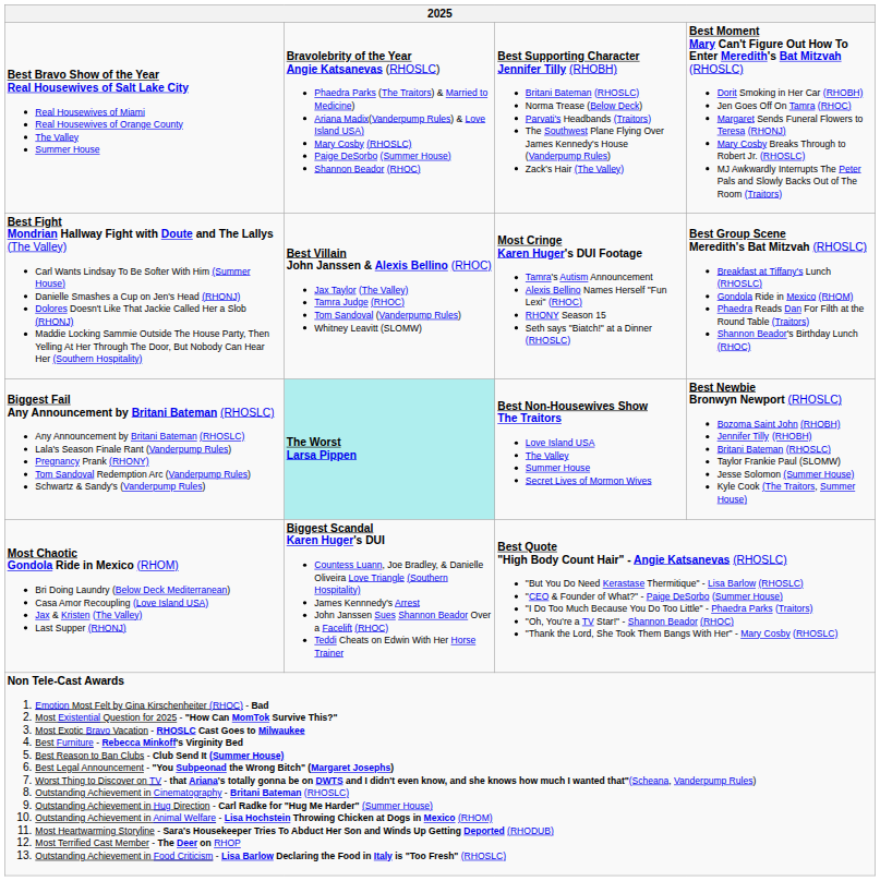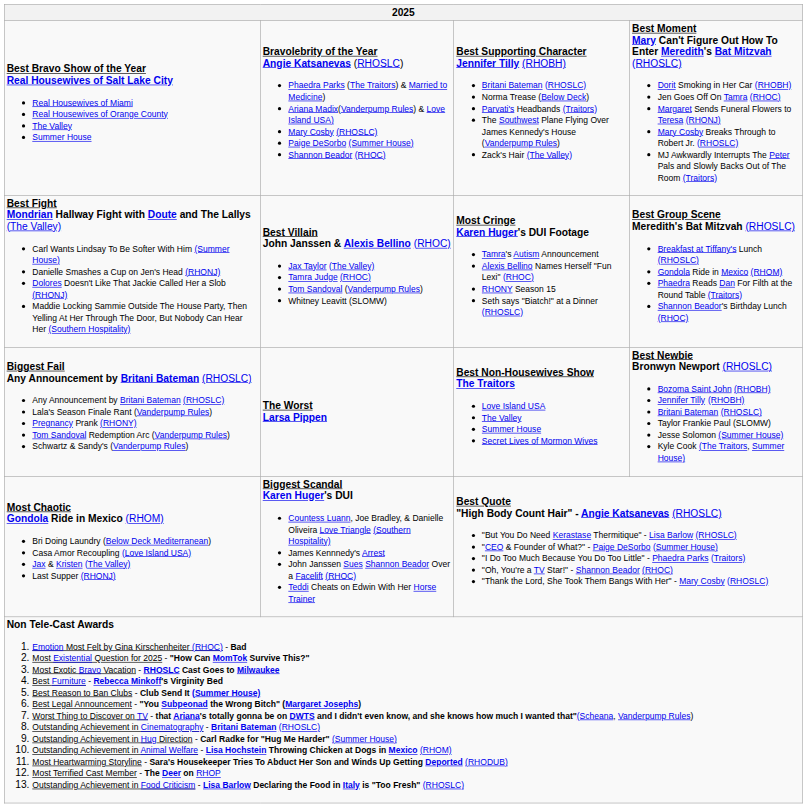 <table class="wikitable sortable mw-collapsible">
 <tr>
 <th colspan="4">2025</th>
 </tr>
 <tr>
 <td><strong><u>Best Bravo Show of the Year</u></strong><br><strong><a href='#'>Real Housewives of Salt Lake City</a></strong><ul><li><small><a href='#'>Real Housewives of Miami</a></small></li><li><a href='#'><small>Real Housewives of Orange County</small></a></li><li><a href='#'><small>The Valley</small></a></li><li><a href='#'><small>Summer House</small></a></li></ul></td>
 <td><strong><u>Bravolebrity of the Year</u></strong><br><strong><a href='#'>Angie Katsanevas</a></strong> (<a href='#'>RHOSLC</a>)<ul><li><small><a href='#'>Phaedra Parks</a> (<a href='#'>The Traitors</a>) & <a href='#'>Married to Medicine</a>)</small></li><li><small><a href='#'>Ariana Madix</a>(<a href='#'>Vanderpump Rules</a>) & <a href='#'>Love Island USA)</a></small></li><li><small><a href='#'>Mary Cosby</a> <a href='#'>(RHOSLC)</a></small></li><li><small><a href='#'>Paige DeSorbo</a> <a href='#'>(Summer House)</a></small></li><li><small><a href='#'>Shannon Beador</a> <a href='#'>(RHOC)</a></small></li></ul></td>
 <td><strong><u>Best Supporting Character</u></strong><br><strong><a href='#'>Jennifer Tilly</a></strong> <a href='#'>(RHOBH)</a><ul><li><small><a href='#'>Britani Bateman</a> <a href='#'>(RHOSLC)</a></small></li><li><small>Norma Trease (<a href='#'>Below Deck</a>)</small></li><li><small><a href='#'>Parvati's</a> Headbands <a href='#'>(Traitors)</a></small></li><li><small>The <a href='#'>Southwest</a> Plane Flying Over James Kennedy's House (<a href='#'>Vanderpump Rules</a>)</small></li><li><small>Zack's Hair <a href='#'>(The Valley)</a></small></li></ul></td>
 <td><strong><u>Best Moment</u></strong><br><strong><a href='#'>Mary</a> Can't Figure Out How To Enter <a href='#'>Meredith</a>'s <a href='#'>Bat Mitzvah</a></strong> <a href='#'>(RHOSLC)</a><ul><li><small><a href='#'>Dorit</a> Smoking in Her Car <a href='#'>(RHOBH)</a></small></li><li><small>Jen Goes Off On <a href='#'>Tamra</a> <a href='#'>(RHOC)</a></small></li><li><small><a href='#'>Margaret</a> Sends Funeral Flowers to <a href='#'>Teresa</a> <a href='#'>(RHONJ)</a></small></li><li><small><a href='#'>Mary Cosby</a> Breaks Through to Robert Jr. <a href='#'>(RHOSLC)</a></small></li><li><small>MJ Awkwardly Interrupts The <a href='#'>Peter</a> Pals and Slowly Backs Out of The Room <a href='#'>(Traitors)</a></small></li></ul></td>
 </tr>
 <tr>
 <td><strong><u>Best Fight</u></strong><br><strong><a href='#'>Mondrian</a> Hallway Fight with <a href='#'>Doute</a> and The Lallys</strong> <a href='#'>(The Valley)</a><ul><li><small>Carl Wants Lindsay To Be Softer With Him <a href='#'>(Summer House)</a></small></li><li><small>Danielle Smashes a Cup on Jen's Head <a href='#'>(RHONJ)</a></small></li><li><small><a href='#'>Dolores</a> Doesn't Like That Jackie Called Her a Slob <a href='#'>(RHONJ)</a></small></li><li><small>Maddie Locking Sammie Outside The House Party, Then Yelling At Her Through The Door, But Nobody Can Hear Her <a href='#'>(Southern Hospitality)</a></small></li></ul></td>
 <td><strong><u>Best Villain</u></strong><br><strong>John Janssen & <a href='#'>Alexis Bellino</a></strong> <a href='#'>(RHOC)</a><ul><li><small><a href='#'>Jax Taylor</a> <a href='#'>(The Valley)</a></small></li><li><small><a href='#'>Tamra Judge</a> <a href='#'>(RHOC)</a></small></li><li><small><a href='#'>Tom Sandoval</a> (<a href='#'>Vanderpump Rules</a>)</small></li><li><small>Whitney Leavitt (SLOMW)</small></li></ul></td>
 <td><strong><u>Most Cringe</u></strong><br><strong><a href='#'>Karen Huger</a>'s DUI Footage</strong><ul><li><small><a href='#'>Tamra</a>'s <a href='#'>Autism</a> Announcement</small></li><li><small><a href='#'>Alexis Bellino</a> Names Herself "Fun Lexi" <a href='#'>(RHOC)</a></small></li><li><small><a href='#'>RHONY</a> Season 15</small></li><li><small>Seth says "Biatch!" at a Dinner <a href='#'>(RHOSLC)</a></small></li></ul></td>
 <td><strong><u>Best Group Scene</u></strong><br><strong>Meredith's Bat Mitzvah</strong> <a href='#'>(RHOSLC)</a><ul><li><small><a href='#'>Breakfast at Tiffany's</a> Lunch <a href='#'>(RHOSLC)</a></small></li><li><small><a href='#'>Gondola</a> Ride in <a href='#'>Mexico</a> <a href='#'>(RHOM)</a></small></li><li><small><a href='#'>Phaedra</a> Reads <a href='#'>Dan</a> For Filth at the Round Table <a href='#'>(Traitors)</a></small></li><li><small><a href='#'>Shannon Beador</a>'s Birthday Lunch <a href='#'>(RHOC)</a></small></li></ul></td>
 </tr>
 <tr>
 <td><strong><u>Biggest Fail</u></strong><br><strong>Any Announcement by <a href='#'>Britani Bateman</a></strong> <a href='#'>(RHOSLC)</a><ul><li><small>Any Announcement by <a href='#'>Britani Bateman</a> <a href='#'>(RHOSLC)</a></small></li><li><small>Lala's Season Finale Rant (<a href='#'>Vanderpump Rules</a>)</small></li><li><small><a href='#'>Pregnancy</a> Prank <a href='#'>(RHONY)</a></small></li><li><small><a href='#'>Tom Sandoval</a> Redemption Arc (<a href='#'>Vanderpump Rules</a>)</small></li><li><small>Schwartz & Sandy's (<a href='#'>Vanderpump Rules</a>)</small></li></ul></td>
-<td style="background: paleturquoise;"><strong><u>The Worst</u></strong><br><strong><a href='#'>Larsa Pippen</a></strong></td>
+<td><strong><u>The Worst</u></strong><br><strong><a href='#'>Larsa Pippen</a></strong></td>
 <td><strong><u>Best Non-Housewives Show</u></strong><br><strong><a href='#'>The Traitors</a></strong><ul><li><small><a href='#'>Love Island USA</a></small></li><li><small><a href='#'>The Valley</a></small></li><li><a href='#'><small>Summer House</small></a></li><li><a href='#'><small>Secret Lives of Mormon Wives</small></a></li></ul></td>
 <td><strong><u>Best Newbie</u></strong><br><strong>Bronwyn Newport</strong> <a href='#'>(RHOSLC)</a><ul><li><small><a href='#'>Bozoma Saint John</a> <a href='#'>(RHOBH)</a></small></li><li><a href='#'><small>Jennifer Tilly</small></a> <a href='#'><small>(RHOBH)</small></a></li><li><small><a href='#'>Britani Bateman</a> <a href='#'>(RHOSLC)</a></small></li><li><small>Taylor Frankie Paul (SLOMW)</small></li><li><small>Jesse Solomon <a href='#'>(Summer House)</a></small></li><li><small>Kyle Cook <a href='#'>(The Traitors</a>, <a href='#'>Summer House)</a></small></li></ul></td>
 </tr>
 <tr>
 <td><strong><u>Most Chaotic</u></strong><br><strong><a href='#'>Gondola</a> Ride in Mexico</strong> <a href='#'>(RHOM)</a><ul><li><small>Bri Doing Laundry (<a href='#'>Below Deck Mediterranean</a>)</small></li><li><small>Casa Amor Recoupling <a href='#'>(Love Island USA)</a></small></li><li><small><a href='#'>Jax</a> & <a href='#'>Kristen</a> <a href='#'>(The Valley)</a></small></li><li><small> Last Supper <a href='#'>(RHONJ)</a></small></li></ul></td>
 <td><strong><u>Biggest Scandal</u></strong><br><strong><a href='#'>Karen Huger</a>'s DUI</strong><ul><li><small><a href='#'>Countess Luann</a>, Joe Bradley, & Danielle Oliveira <a href='#'>Love Triangle</a> <a href='#'>(Southern Hospitality)</a></small></li><li><small>James Kennnedy's <a href='#'>Arrest</a></small></li><li><small>John Janssen <a href='#'>Sues</a> <a href='#'>Shannon Beador</a> Over a <a href='#'>Facelift</a> <a href='#'>(RHOC)</a></small></li><li><small><a href='#'>Teddi</a> Cheats on Edwin With Her <a href='#'>Horse Trainer</a></small></li></ul></td>
 <td colspan="2"><strong><u>Best Quote</u></strong><br><strong>"High Body Count Hair" - <a href='#'>Angie Katsanevas</a></strong> <a href='#'>(RHOSLC)</a><ul><li><small>"But You Do Need <a href='#'>Kerastase</a> Thermitique" - <a href='#'>Lisa Barlow</a> <a href='#'>(RHOSLC)</a></small></li><li><small>"<a href='#'>CEO</a> & Founder of What?" - <a href='#'>Paige DeSorbo</a> <a href='#'>(Summer House)</a></small></li><li><small>"I Do Too Much Because You Do Too Little" - <a href='#'>Phaedra Parks</a> <a href='#'>(Traitors)</a></small></li><li><small>"Oh, You're a <a href='#'>TV</a> Star!" - <a href='#'>Shannon Beador</a> <a href='#'>(RHOC)</a></small></li><li><small>"Thank the Lord, She Took Them Bangs With Her" - <a href='#'>Mary Cosby</a> <a href='#'>(RHOSLC)</a></small></li></ul></td>
 </tr>
 <tr>
 <td colspan="4"><strong>Non Tele-Cast Awards</strong><br><ol><li><small><u><a href='#'>Emotion</a> Most Felt by Gina Kirschenheiter <a href='#'>(RHOC)</a></u> - <strong>Bad</strong></small></li><li><small><u>Most <a href='#'>Existential</a> Question for 2025</u> - <strong>"How Can <a href='#'>MomTok</a> Survive This?"</strong></small></li><li><small><u>Most Exotic <a href='#'>Bravo</a> Vacation</u> - <strong><a href='#'>RHOSLC</a> Cast Goes to <a href='#'>Milwaukee</a></strong></small></li><li><small><u>Best <a href='#'>Furniture</a></u> - <strong><a href='#'>Rebecca Minkoff</a>'s Virginity Bed</strong></small></li><li><small><u>Best Reason to Ban Clubs</u> - <strong>Club Send It <a href='#'>(Summer House)</a></strong></small></li><li><small><u>Best Legal Announcement</u> - <strong>"You <a href='#'>Subpeonad</a> the Wrong Bitch" (<a href='#'>Margaret Josephs</a>)</strong></small></li><li><small><u>Worst Thing to Discover on <a href='#'>TV</a></u> - <strong>that <a href='#'>Ariana</a>'s totally gonna be on <a href='#'>DWTS</a> and I didn't even know, and she knows how much I wanted that"</strong><a href='#'>(Scheana</a>, <a href='#'>Vanderpump Rules</a>)</small></li><li><small><u>Outstanding Achievement in <a href='#'>Cinematography</a></u> - <strong><a href='#'>Britani Bateman</a></strong> <a href='#'>(RHOSLC)</a></small></li><li><small><u>Outstanding Achievement in <a href='#'>Hug</a> Direction</u> - <strong>Carl Radke for "Hug Me Harder"</strong> <a href='#'>(Summer House)</a></small></li><li><small><u>Outstanding Achievement in <a href='#'>Animal Welfare</a></u> - <strong><a href='#'>Lisa Hochstein</a> Throwing Chicken at Dogs in <a href='#'>Mexico</a></strong> <a href='#'>(RHOM)</a></small></li><li><small><u>Most Heartwarming Storyline</u> - <strong>Sara's Housekeeper Tries To Abduct Her Son and Winds Up Getting <a href='#'>Deported</a></strong> <a href='#'>(RHODUB)</a></small></li><li><small><u>Most Terrified Cast Member</u> - <strong>The <a href='#'>Deer</a> on</strong> <a href='#'>RHOP</a></small></li><li><small><u>Outstanding Achievement in <a href='#'>Food Criticism</a></u> - <strong><a href='#'>Lisa Barlow</a> Declaring the Food in <a href='#'>Italy</a> is "Too Fresh"</strong> <a href='#'>(RHOSLC)</a></small></li></ol></td>
 </tr>
 </table>
